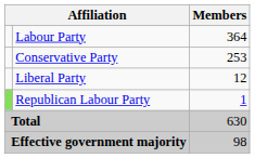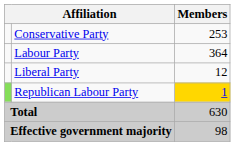 <table class="wikitable">
 <tr>
 <th colspan="2">Affiliation</th>
 <th>Members</th>
 </tr>
 <tr>
 <td style="color:inherit;background:"></td>
-<td><a href='#'>Labour Party</a></td>
-<td align="right">364</td>
+<td><a href='#'>Conservative Party</a></td>
+<td align="right">253</td>
 </tr>
 <tr>
 <td style="color:inherit;background:"></td>
-<td><a href='#'>Conservative Party</a></td>
-<td align="right">253</td>
+<td><a href='#'>Labour Party</a></td>
+<td align="right">364</td>
 </tr>
 <tr>
 <td style="color:inherit;background:"></td>
 <td><a href='#'>Liberal Party</a></td>
 <td align="right">12</td>
 </tr>
 <tr>
 <td bgcolor="85DE59"></td>
 <td><a href='#'>Republican Labour Party</a></td>
-<td align="right"><a href='#'>1</a></td>
+<td align="right" style="background: gold;"><a href='#'>1</a></td>
 </tr>
 <tr bgcolor="CCCCCC">
 <td colspan="2" rowspan="1"> <strong>Total</strong></td>
 <td align="right">630</td>
 </tr>
 <tr bgcolor="CCCCCC">
 <td colspan="2" rowspan="1"> <strong>Effective government majority</strong></td>
 <td align="right">98</td>
 </tr>
 </table>
